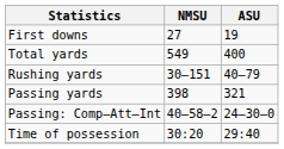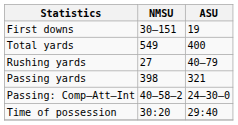 <table class="wikitable" style="float: left;">
 <tr>
 <th>Statistics</th>
 <th>NMSU</th>
 <th>ASU</th>
 </tr>
 <tr>
 <td>First downs</td>
-<td>27</td>
+<td>30–151</td>
 <td>19</td>
 </tr>
 <tr>
 <td>Total yards</td>
 <td>549</td>
 <td>400</td>
 </tr>
 <tr>
 <td>Rushing yards</td>
-<td>30–151</td>
+<td>27</td>
 <td>40–79</td>
 </tr>
 <tr>
 <td>Passing yards</td>
 <td>398</td>
 <td>321</td>
 </tr>
 <tr>
 <td>Passing: Comp–Att–Int</td>
 <td>40–58–2</td>
 <td>24–30–0</td>
 </tr>
 <tr>
 <td>Time of possession</td>
 <td>30:20</td>
 <td>29:40</td>
 </tr>
 <tr>
 </tr>
 </table>
